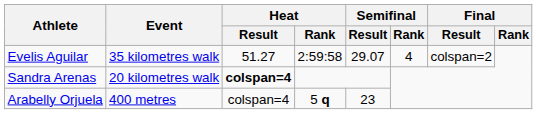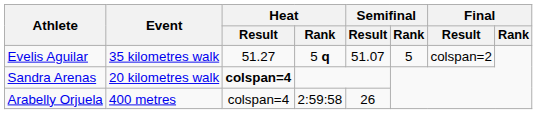 <table class="wikitable" style="font-size:90%">
 <tr>
 <th rowspan="2">Athlete</th>
 <th rowspan="2">Event</th>
 <th colspan="2">Heat</th>
 <th colspan="2">Semifinal</th>
 <th colspan="2">Final</th>
 </tr>
 <tr style="font-size:95%">
 <th>Result</th>
 <th>Rank</th>
 <th>Result</th>
 <th>Rank</th>
 <th>Result</th>
 <th>Rank</th>
 </tr>
 <tr align=center>
 <td align=left><a href='#'>Evelis Aguilar</a></td>
 <td align=left><a href='#'>35 kilometres walk</a></td>
 <td>51.27 <strong></strong></td>
-<td>2:59:58 <strong></strong></td>
-<td>29.07 <strong></strong></td>
-<td>4</td>
+<td>5 <strong>q</strong></td>
+<td>51.07 <strong></strong></td>
+<td>5</td>
 <td>colspan=2 </td>
 </tr>
 <tr align=center>
 <td align=left><a href='#'>Sandra Arenas</a></td>
 <td align=left><a href='#'>20 kilometres walk</a></td>
 <td><strong>colspan=4</strong></td>
 <td colspan=2><strong></strong></td>
 </tr>
 <tr align=center>
 <td align=left><a href='#'>Arabelly Orjuela</a></td>
 <td align=left><a href='#'>400 metres</a></td>
 <td>colspan=4</td>
-<td>5 <strong>q</strong></td>
-<td>23</td>
+<td>2:59:58 <strong></strong></td>
+<td>26</td>
 </tr>
 </table>
